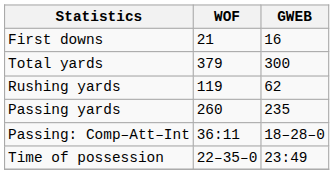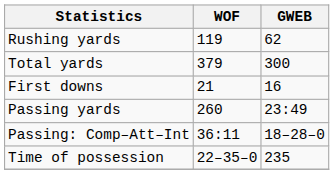 <table class="wikitable" style="float: left;">
 <tr>
 <th>Statistics</th>
 <th>WOF</th>
 <th>GWEB</th>
 </tr>
 <tr>
-<td>First downs</td>
-<td>21</td>
-<td>16</td>
+<td>Rushing yards</td>
+<td>119</td>
+<td>62</td>
 </tr>
 <tr>
 <td>Total yards</td>
 <td>379</td>
 <td>300</td>
 </tr>
 <tr>
-<td>Rushing yards</td>
-<td>119</td>
-<td>62</td>
+<td>First downs</td>
+<td>21</td>
+<td>16</td>
 </tr>
 <tr>
 <td>Passing yards</td>
 <td>260</td>
-<td>235</td>
+<td>23:49</td>
 </tr>
 <tr>
 <td>Passing: Comp–Att–Int</td>
 <td>36:11</td>
 <td>18–28–0</td>
 </tr>
 <tr>
 <td>Time of possession</td>
 <td>22–35–0</td>
-<td>23:49</td>
+<td>235</td>
 </tr>
 <tr>
 </tr>
 </table>
